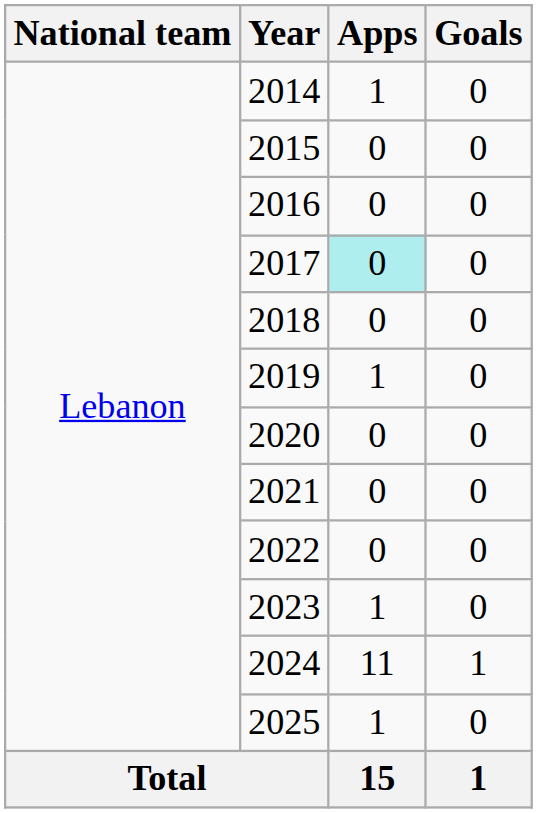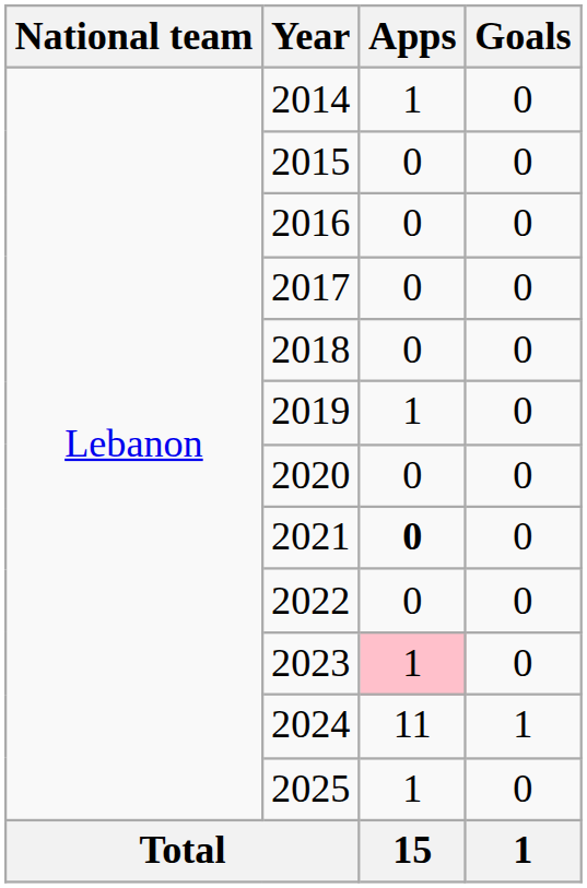 <table class="wikitable" style="text-align:center">
 <tr>
 <th>National team</th>
 <th>Year</th>
 <th>Apps</th>
 <th>Goals</th>
 </tr>
 <tr>
 <td rowspan="12"><a href='#'>Lebanon</a></td>
 <td>2014</td>
 <td>1</td>
 <td>0</td>
 </tr>
 <tr>
 <td>2015</td>
 <td>0</td>
 <td>0</td>
 </tr>
 <tr>
 <td>2016</td>
 <td>0</td>
 <td>0</td>
 </tr>
 <tr>
 <td>2017</td>
-<td style="background: paleturquoise;">0</td>
+<td>0</td>
 <td>0</td>
 </tr>
 <tr>
 <td>2018</td>
 <td>0</td>
 <td>0</td>
 </tr>
 <tr>
 <td>2019</td>
 <td>1</td>
 <td>0</td>
 </tr>
 <tr>
 <td>2020</td>
 <td>0</td>
 <td>0</td>
 </tr>
 <tr>
 <td>2021</td>
-<td>0</td>
+<td><strong>0</strong></td>
 <td>0</td>
 </tr>
 <tr>
 <td>2022</td>
 <td>0</td>
 <td>0</td>
 </tr>
 <tr>
 <td>2023</td>
-<td>1</td>
+<td style="background: pink;">1</td>
 <td>0</td>
 </tr>
 <tr>
 <td>2024</td>
 <td>11</td>
 <td>1</td>
 </tr>
 <tr>
 <td>2025</td>
 <td>1</td>
 <td>0</td>
 </tr>
 <tr>
 <th colspan="2">Total</th>
 <th>15</th>
 <th>1</th>
 </tr>
 </table>
